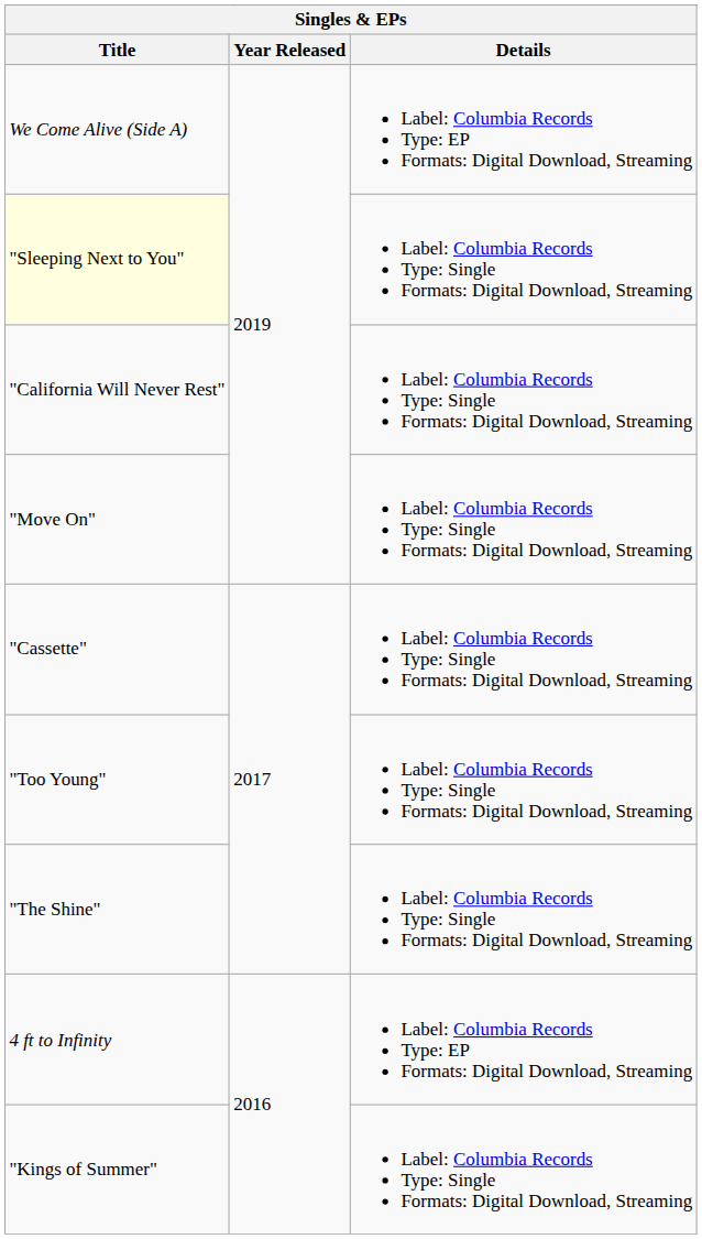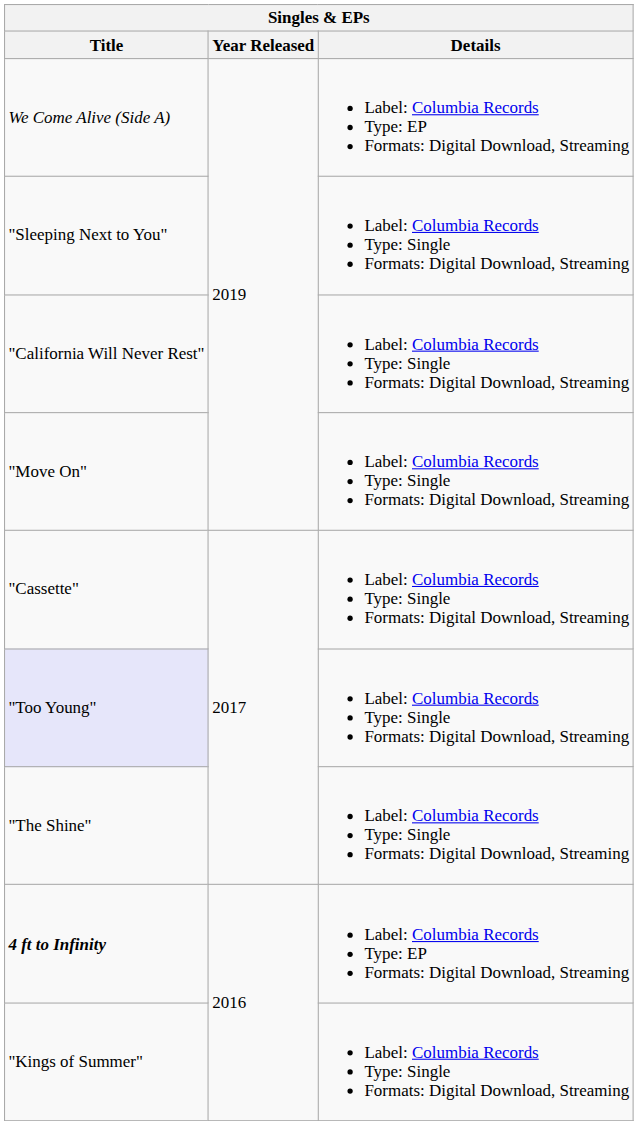 <table class="wikitable">
 <tr>
 <th colspan="3">Singles & EPs</th>
 </tr>
 <tr>
 <th>Title</th>
 <th>Year Released</th>
 <th>Details</th>
 </tr>
 <tr>
 <td><em>We Come Alive (Side A)</em></td>
 <td rowspan="4">2019</td>
 <td><br><ul><li>Label: <a href='#'>Columbia Records</a></li><li>Type: EP</li><li>Formats: Digital Download, Streaming</li></ul></td>
 </tr>
 <tr>
-<td style="background: lightyellow;">"Sleeping Next to You"</td>
+<td>"Sleeping Next to You"</td>
 <td><br><ul><li>Label: <a href='#'>Columbia Records</a></li><li>Type: Single</li><li>Formats: Digital Download, Streaming</li></ul></td>
 </tr>
 <tr>
 <td>"California Will Never Rest"</td>
 <td><br><ul><li>Label: <a href='#'>Columbia Records</a></li><li>Type: Single</li><li>Formats: Digital Download, Streaming</li></ul></td>
 </tr>
 <tr>
 <td>"Move On"</td>
 <td><br><ul><li>Label: <a href='#'>Columbia Records</a></li><li>Type: Single</li><li>Formats: Digital Download, Streaming</li></ul></td>
 </tr>
 <tr>
 <td>"Cassette"</td>
 <td rowspan="3">2017</td>
 <td><br><ul><li>Label: <a href='#'>Columbia Records</a></li><li>Type: Single</li><li>Formats: Digital Download, Streaming</li></ul></td>
 </tr>
 <tr>
-<td>"Too Young"<br></td>
+<td style="background: lavender;">"Too Young"<br></td>
 <td><br><ul><li>Label: <a href='#'>Columbia Records</a></li><li>Type: Single</li><li>Formats: Digital Download, Streaming</li></ul></td>
 </tr>
 <tr>
 <td>"The Shine"<br></td>
 <td><br><ul><li>Label: <a href='#'>Columbia Records</a></li><li>Type: Single</li><li>Formats: Digital Download, Streaming</li></ul></td>
 </tr>
 <tr>
-<td><em>4 ft to Infinity</em></td>
+<td><strong><em>4 ft to Infinity</em></strong></td>
 <td rowspan="2">2016</td>
 <td><br><ul><li>Label: <a href='#'>Columbia Records</a></li><li>Type: EP</li><li>Formats: Digital Download, Streaming</li></ul></td>
 </tr>
 <tr>
 <td>"Kings of Summer"<br></td>
 <td><br><ul><li>Label: <a href='#'>Columbia Records</a></li><li>Type: Single</li><li>Formats: Digital Download, Streaming</li></ul></td>
 </tr>
 </table>
